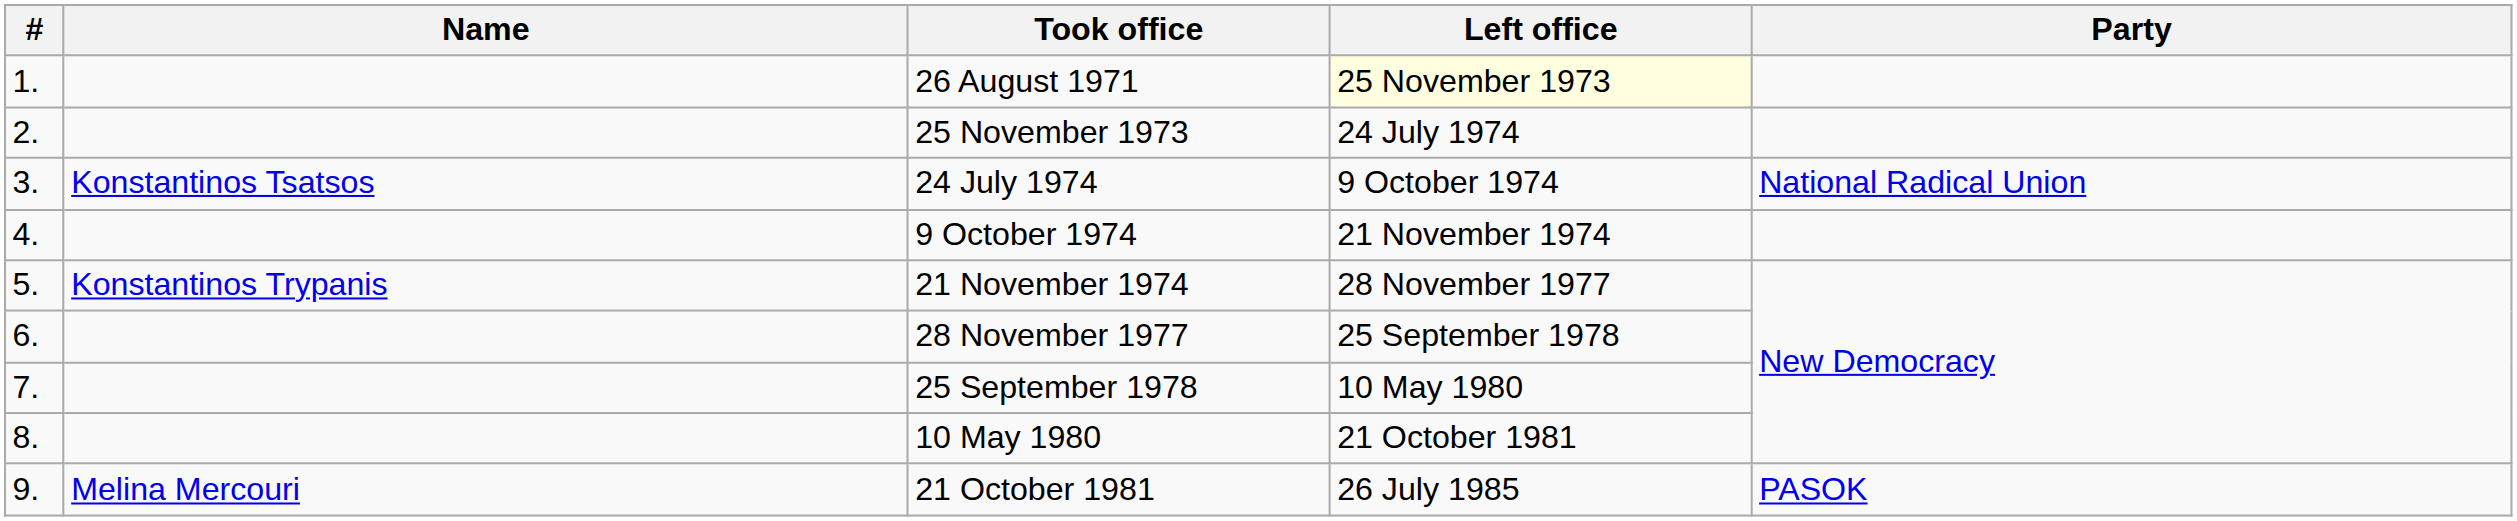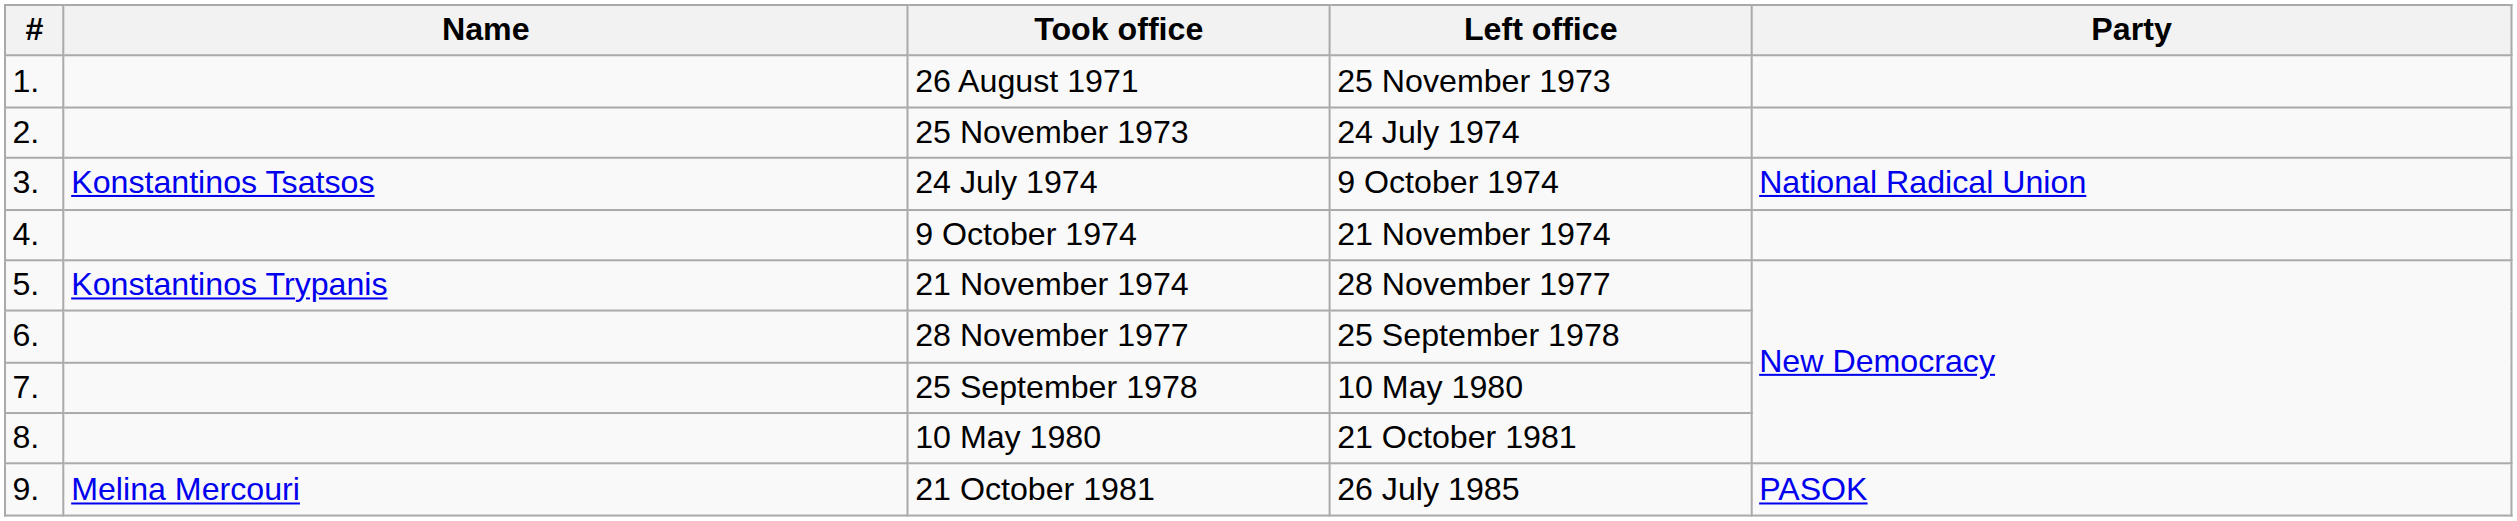 <table class="wikitable">
 <tr>
 <th width="1%">#</th>
 <th width="20%">Name</th>
 <th width="10%">Took office</th>
 <th width="10%">Left office</th>
 <th width="18%">Party</th>
 </tr>
 <tr>
 <td>1.</td>
 <td></td>
 <td>26 August 1971</td>
-<td style="background: lightyellow;">25 November 1973</td>
+<td>25 November 1973</td>
 <td></td>
 </tr>
 <tr>
 <td>2.</td>
 <td></td>
 <td>25 November 1973</td>
 <td>24 July 1974</td>
 <td></td>
 </tr>
 <tr>
 <td>3.</td>
 <td><a href='#'>Konstantinos Tsatsos</a></td>
 <td>24 July 1974</td>
 <td>9 October 1974</td>
 <td><a href='#'>National Radical Union</a></td>
 </tr>
 <tr>
 <td>4.</td>
 <td></td>
 <td>9 October 1974</td>
 <td>21 November 1974</td>
 <td></td>
 </tr>
 <tr>
 <td>5.</td>
 <td><a href='#'>Konstantinos Trypanis</a></td>
 <td>21 November 1974</td>
 <td>28 November 1977</td>
 <td rowspan=4><a href='#'>New Democracy</a></td>
 </tr>
 <tr>
 <td>6.</td>
 <td></td>
 <td>28 November 1977</td>
 <td>25 September 1978</td>
 </tr>
 <tr>
 <td>7.</td>
 <td></td>
 <td>25 September 1978</td>
 <td>10 May 1980</td>
 </tr>
 <tr>
 <td>8.</td>
 <td></td>
 <td>10 May 1980</td>
 <td>21 October 1981</td>
 </tr>
 <tr>
 <td>9.</td>
 <td><a href='#'>Melina Mercouri</a></td>
 <td>21 October 1981</td>
 <td>26 July 1985</td>
 <td><a href='#'>PASOK</a></td>
 </tr>
 </table>
